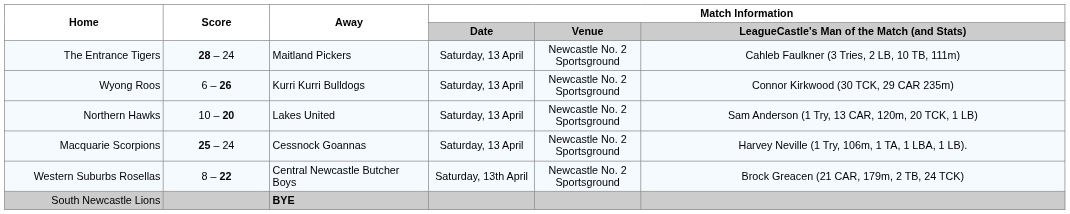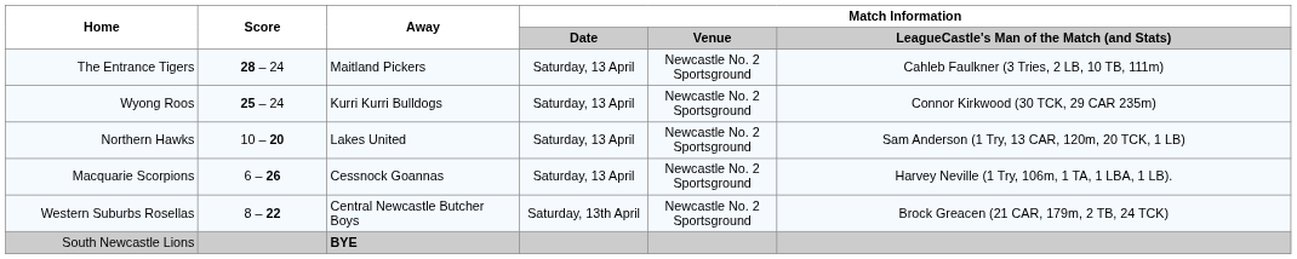 <table width="100%" cellspacing="0" cellpadding="4" border="1" style="border-collapse:collapse;  text-align:center;">
 <tr>
 <th rowspan="2" width="15%">Home</th>
 <th rowspan="2" width="10%">Score</th>
 <th rowspan="2" width="15%">Away</th>
 <th colspan="4">Match Information</th>
 </tr>
 <tr style="background:#CCCCCC">
 <th width="10%">Date</th>
 <th width="10%">Venue</th>
 <th width="40%">LeagueCastle's Man of the Match (and Stats)</th>
 </tr>
 <tr style="text-align:center; background:#f5faff;">
 <td align="right"> The Entrance Tigers</td>
 <td><strong>28</strong> – 24</td>
 <td align="left"> Maitland Pickers</td>
 <td>Saturday, 13 April</td>
 <td>Newcastle No. 2 Sportsground</td>
 <td>Cahleb Faulkner  (3 Tries, 2 LB, 10 TB, 111m)</td>
 </tr>
 <tr style="text-align:center; background:#f5faff;">
 <td align="right"> Wyong Roos</td>
-<td>6 – <strong>26</strong></td>
+<td><strong>25</strong> – 24</td>
 <td align="left"> Kurri Kurri Bulldogs</td>
 <td>Saturday, 13 April</td>
 <td>Newcastle No. 2 Sportsground</td>
 <td>Connor Kirkwood  (30 TCK, 29 CAR 235m)</td>
 </tr>
 <tr style="text-align:center; background:#f5faff;">
 <td align="right"> Northern Hawks</td>
 <td>10 – <strong>20</strong></td>
 <td align="left"> Lakes United</td>
 <td>Saturday, 13 April</td>
 <td>Newcastle No. 2 Sportsground</td>
 <td>Sam Anderson  (1 Try, 13 CAR, 120m, 20 TCK, 1 LB)</td>
 </tr>
 <tr style="text-align:center; background:#f5faff;">
 <td align="right"> Macquarie Scorpions</td>
-<td><strong>25</strong> – 24</td>
+<td>6 – <strong>26</strong></td>
 <td align="left"> Cessnock Goannas</td>
 <td>Saturday, 13 April</td>
 <td>Newcastle No. 2 Sportsground</td>
 <td>Harvey Neville  (1 Try, 106m, 1 TA, 1 LBA, 1 LB).</td>
 </tr>
 <tr style="text-align:center; background:#f5faff;">
 <td align="right"> Western Suburbs Rosellas</td>
 <td>8 – <strong>22</strong></td>
 <td align="left"> Central Newcastle Butcher Boys</td>
 <td>Saturday, 13th April</td>
 <td>Newcastle No. 2 Sportsground</td>
 <td>Brock Greacen  (21 CAR, 179m, 2 TB, 24 TCK)</td>
 </tr>
 <tr style="text-align:center; background:#CCCCCC;">
 <td align="right"> South Newcastle Lions</td>
 <td></td>
 <td align="left"><strong>BYE</strong></td>
 <td></td>
 <td></td>
 <td></td>
 </tr>
 </table>
